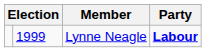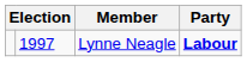 <table class="wikitable">
 <tr>
 <th colspan="2">Election</th>
 <th>Member</th>
 <th>Party</th>
 </tr>
 <tr>
 <td style="background-color: "></td>
-<td><a href='#'>1999</a></td>
+<td><a href='#'>1997</a></td>
 <td><a href='#'>Lynne Neagle</a></td>
 <td><strong><a href='#'>Labour</a></strong></td>
 </tr>
 </table>
